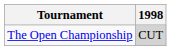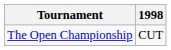 <table class="wikitable" style="font-size:95%;text-align:center;">
 <tr>
 <th>Tournament</th>
 <th>1998</th>
 </tr>
 <tr>
 <td align=left><a href='#'>The Open Championship</a></td>
-<td style="background: lightgrey;">CUT</td>
+<td>CUT</td>
 </tr>
 </table>
